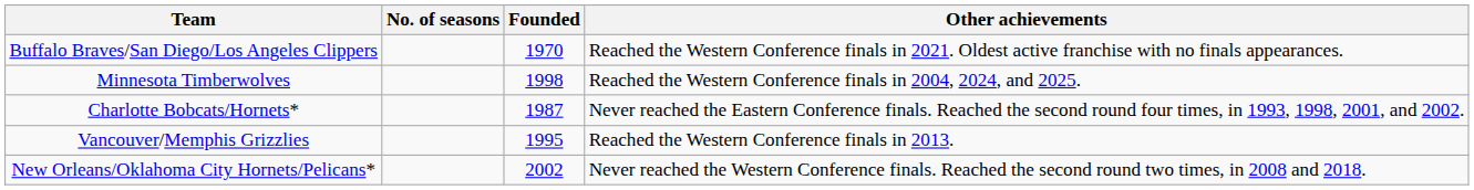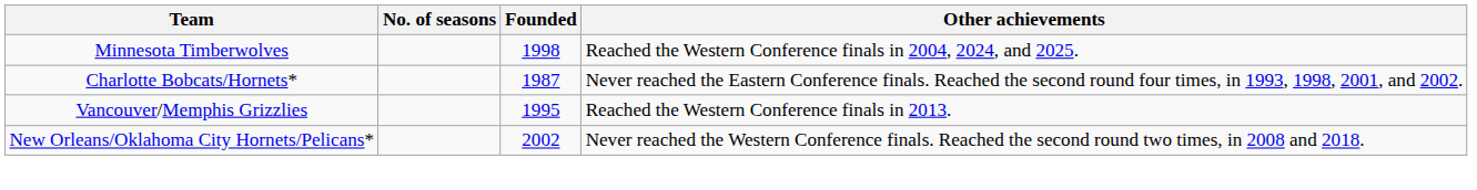 <table class="wikitable sortable" style="text-align:center;">
 <tr>
 <th>Team</th>
 <th>No. of seasons</th>
 <th>Founded</th>
 <th>Other achievements</th>
-</tr>
-<tr>
-<td><a href='#'>Buffalo Braves</a>/<a href='#'>San Diego/Los Angeles Clippers</a></td>
-<td></td>
-<td><a href='#'>1970</a></td>
-<td align="left">Reached the Western Conference finals in <a href='#'>2021</a>. Oldest active franchise with no finals appearances.</td>
 </tr>
 <tr>
 <td><a href='#'>Minnesota Timberwolves</a></td>
 <td></td>
 <td><a href='#'>1998</a></td>
 <td align="left">Reached the Western Conference finals in <a href='#'>2004</a>, <a href='#'>2024</a>, and <a href='#'>2025</a>.</td>
 </tr>
 <tr>
 <td><a href='#'>Charlotte Bobcats/Hornets</a>*</td>
 <td></td>
 <td><a href='#'>1987</a></td>
 <td align="left">Never reached the Eastern Conference finals. Reached the second round four times, in <a href='#'>1993</a>, <a href='#'>1998</a>, <a href='#'>2001</a>, and <a href='#'>2002</a>.</td>
 </tr>
 <tr>
 <td><a href='#'>Vancouver</a>/<a href='#'>Memphis Grizzlies</a></td>
 <td></td>
 <td><a href='#'>1995</a></td>
 <td align="left">Reached the Western Conference finals in <a href='#'>2013</a>.</td>
 </tr>
 <tr>
 <td><a href='#'>New Orleans/Oklahoma City Hornets/Pelicans</a>*</td>
 <td></td>
 <td><a href='#'>2002</a></td>
 <td align="left">Never reached the Western Conference finals. Reached the second round two times, in <a href='#'>2008</a> and <a href='#'>2018</a>.</td>
 </tr>
 </table>
